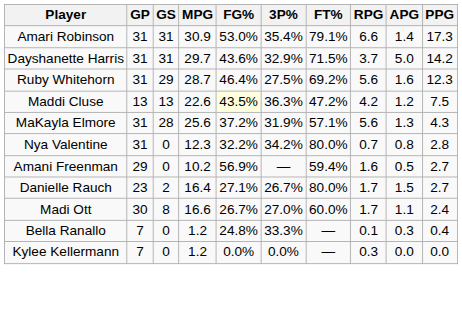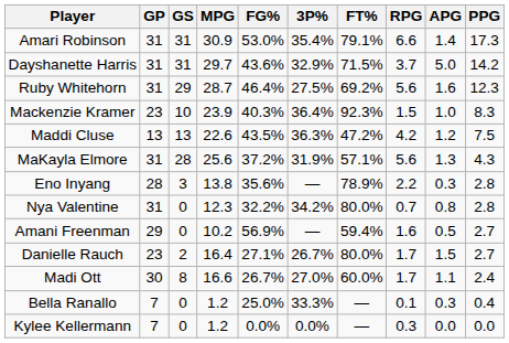 <table class="wikitable sortable" style="text-align:center">
 <tr>
 <th>Player</th>
 <th>GP</th>
 <th>GS</th>
 <th>MPG</th>
 <th>FG%</th>
 <th>3P%</th>
 <th>FT%</th>
 <th>RPG</th>
 <th>APG</th>
 <th>PPG</th>
 </tr>
 <tr>
 <td>Amari Robinson</td>
 <td>31</td>
 <td>31</td>
 <td>30.9</td>
 <td>53.0%</td>
 <td>35.4%</td>
 <td>79.1%</td>
 <td>6.6</td>
 <td>1.4</td>
 <td>17.3</td>
 </tr>
 <tr>
 <td>Dayshanette Harris</td>
 <td>31</td>
 <td>31</td>
 <td>29.7</td>
 <td>43.6%</td>
 <td>32.9%</td>
 <td>71.5%</td>
 <td>3.7</td>
 <td>5.0</td>
 <td>14.2</td>
 </tr>
 <tr>
 <td>Ruby Whitehorn</td>
 <td>31</td>
 <td>29</td>
 <td>28.7</td>
 <td>46.4%</td>
 <td>27.5%</td>
 <td>69.2%</td>
 <td>5.6</td>
 <td>1.6</td>
 <td>12.3</td>
 </tr>
 <tr>
+<td>Mackenzie Kramer</td>
+<td>23</td>
+<td>10</td>
+<td>23.9</td>
+<td>40.3%</td>
+<td>36.4%</td>
+<td>92.3%</td>
+<td>1.5</td>
+<td>1.0</td>
+<td>8.3</td>
+</tr>
+<tr>
 <td>Maddi Cluse</td>
 <td>13</td>
 <td>13</td>
 <td>22.6</td>
-<td style="background: lightyellow;">43.5%</td>
+<td>43.5%</td>
 <td>36.3%</td>
 <td>47.2%</td>
 <td>4.2</td>
 <td>1.2</td>
 <td>7.5</td>
 </tr>
 <tr>
 <td>MaKayla Elmore</td>
 <td>31</td>
 <td>28</td>
 <td>25.6</td>
 <td>37.2%</td>
 <td>31.9%</td>
 <td>57.1%</td>
 <td>5.6</td>
 <td>1.3</td>
 <td>4.3</td>
+</tr>
+<tr>
+<td>Eno Inyang</td>
+<td>28</td>
+<td>3</td>
+<td>13.8</td>
+<td>35.6%</td>
+<td>—</td>
+<td>78.9%</td>
+<td>2.2</td>
+<td>0.3</td>
+<td>2.8</td>
 </tr>
 <tr>
 <td>Nya Valentine</td>
 <td>31</td>
 <td>0</td>
 <td>12.3</td>
 <td>32.2%</td>
 <td>34.2%</td>
 <td>80.0%</td>
 <td>0.7</td>
 <td>0.8</td>
 <td>2.8</td>
 </tr>
 <tr>
 <td>Amani Freenman</td>
 <td>29</td>
 <td>0</td>
 <td>10.2</td>
 <td>56.9%</td>
 <td>—</td>
 <td>59.4%</td>
 <td>1.6</td>
 <td>0.5</td>
 <td>2.7</td>
 </tr>
 <tr>
 <td>Danielle Rauch</td>
 <td>23</td>
 <td>2</td>
 <td>16.4</td>
 <td>27.1%</td>
 <td>26.7%</td>
 <td>80.0%</td>
 <td>1.7</td>
 <td>1.5</td>
 <td>2.7</td>
 </tr>
 <tr>
 <td>Madi Ott</td>
 <td>30</td>
 <td>8</td>
 <td>16.6</td>
 <td>26.7%</td>
 <td>27.0%</td>
 <td>60.0%</td>
 <td>1.7</td>
 <td>1.1</td>
 <td>2.4</td>
 </tr>
 <tr>
 <td>Bella Ranallo</td>
 <td>7</td>
 <td>0</td>
 <td>1.2</td>
-<td>24.8%</td>
+<td>25.0%</td>
 <td>33.3%</td>
 <td>—</td>
 <td>0.1</td>
 <td>0.3</td>
 <td>0.4</td>
 </tr>
 <tr>
 <td>Kylee Kellermann</td>
 <td>7</td>
 <td>0</td>
 <td>1.2</td>
 <td>0.0%</td>
 <td>0.0%</td>
 <td>—</td>
 <td>0.3</td>
 <td>0.0</td>
 <td>0.0</td>
 </tr>
 </table>
